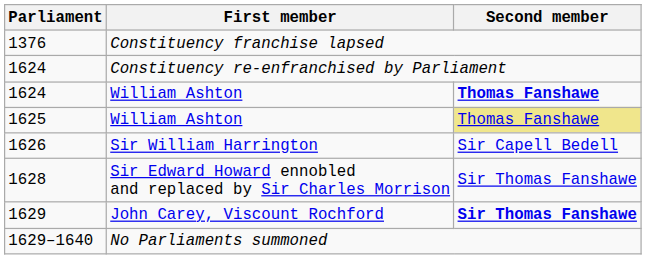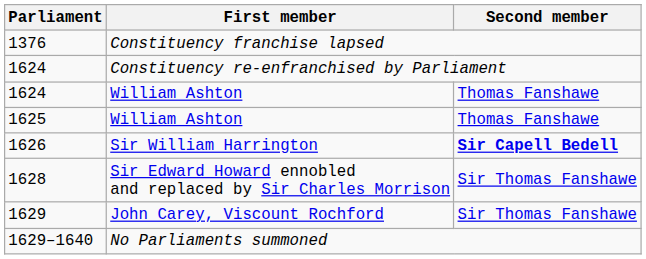 <table class="wikitable">
 <tr>
 <th>Parliament</th>
 <th>First member</th>
 <th>Second member</th>
 </tr>
 <tr>
 <td>1376</td>
 <td colspan = "3"><em>Constituency franchise lapsed </em></td>
 </tr>
 <tr>
 <td>1624</td>
 <td colspan = "3"><em>Constituency re-enfranchised by Parliament </em></td>
 </tr>
 <tr>
 <td>1624</td>
 <td><a href='#'>William Ashton</a></td>
-<td><strong><a href='#'>Thomas Fanshawe</a></strong></td>
+<td><a href='#'>Thomas Fanshawe</a></td>
 </tr>
 <tr>
 <td>1625</td>
 <td><a href='#'>William Ashton</a></td>
-<td style="background: khaki;"><a href='#'>Thomas Fanshawe</a></td>
+<td><a href='#'>Thomas Fanshawe</a></td>
 </tr>
 <tr>
 <td>1626</td>
 <td><a href='#'>Sir William Harrington</a></td>
-<td><a href='#'>Sir Capell Bedell</a></td>
+<td><strong><a href='#'>Sir Capell Bedell</a></strong></td>
 </tr>
 <tr>
 <td>1628</td>
 <td><a href='#'>Sir Edward Howard</a> ennobled <br> and replaced by <a href='#'>Sir Charles Morrison</a></td>
 <td><a href='#'>Sir Thomas Fanshawe</a></td>
 </tr>
 <tr>
 <td>1629</td>
 <td><a href='#'>John Carey, Viscount Rochford</a></td>
-<td><strong><a href='#'>Sir Thomas Fanshawe</a></strong></td>
+<td><a href='#'>Sir Thomas Fanshawe</a></td>
 </tr>
 <tr>
 <td>1629–1640</td>
 <td colspan = "2"><em>No Parliaments summoned</em></td>
 </tr>
 </table>
